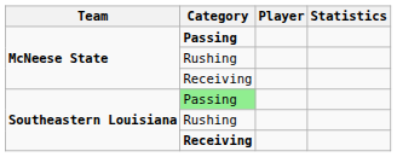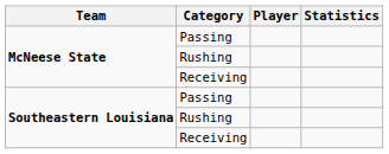 <table class="wikitable" style="float: left;">
 <tr>
 <th>Team</th>
 <th>Category</th>
 <th>Player</th>
 <th>Statistics</th>
 </tr>
 <tr>
 <td rowspan=3><strong>McNeese State</strong></td>
-<td><strong>Passing</strong></td>
+<td>Passing</td>
 <td> </td>
 <td> </td>
 </tr>
 <tr>
 <td>Rushing</td>
 <td> </td>
 <td> </td>
 </tr>
 <tr>
 <td>Receiving</td>
 <td> </td>
 <td> </td>
 </tr>
 <tr>
 <td rowspan=3><strong>Southeastern Louisiana</strong></td>
-<td style="background: lightgreen;">Passing</td>
+<td>Passing</td>
 <td> </td>
 <td> </td>
 </tr>
 <tr>
 <td>Rushing</td>
 <td> </td>
 <td> </td>
 </tr>
 <tr>
-<td><strong>Receiving</strong></td>
+<td>Receiving</td>
 <td> </td>
 <td> </td>
 </tr>
 </table>
